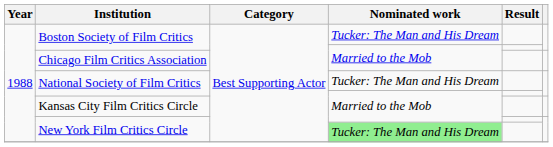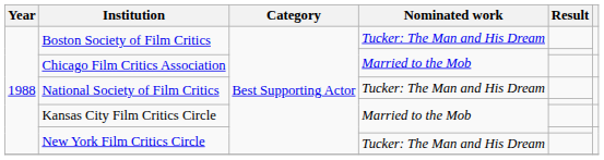 <table class="wikitable plainrowheaders unsortable">
 <tr>
 <th scope="col">Year</th>
 <th scope="col">Institution</th>
 <th scope="col">Category</th>
 <th scope="col">Nominated work</th>
 <th scope="col">Result</th>
 <th scope="col" class="unsortable"></th>
 </tr>
 <tr>
 <td rowspan="8" style="text-align:center;"><a href='#'>1988</a></td>
 <td scope="row" rowspan="2"><a href='#'>Boston Society of Film Critics</a></td>
 <td rowspan="8"><a href='#'>Best Supporting Actor</a></td>
 <td><em><a href='#'>Tucker: The Man and His Dream</a></em></td>
 <td></td>
 <td style="text-align:center;" rowspan="2"></td>
 </tr>
 <tr>
 <td rowspan="2"><em><a href='#'>Married to the Mob</a></em></td>
 <td></td>
 </tr>
 <tr>
 <td scope="row"><a href='#'>Chicago Film Critics Association</a></td>
 <td></td>
 <td style="text-align:center;"></td>
 </tr>
 <tr>
 <td scope="row" rowspan="2"><a href='#'>National Society of Film Critics</a></td>
 <td><em>Tucker: The Man and His Dream</em></td>
 <td></td>
 <td style="text-align:center;" rowspan="2"></td>
 </tr>
 <tr>
 <td rowspan="3"><em>Married to the Mob</em></td>
 <td></td>
 </tr>
 <tr>
 <td scope="row">Kansas City Film Critics Circle</td>
 <td></td>
 <td style="text-align:center;"></td>
 </tr>
 <tr>
 <td scope="row" rowspan="2"><a href='#'>New York Film Critics Circle</a></td>
 <td></td>
 <td style="text-align:center;" rowspan="2"></td>
 </tr>
 <tr>
-<td style="background: lightgreen;"><em>Tucker: The Man and His Dream</em></td>
+<td><em>Tucker: The Man and His Dream</em></td>
 <td></td>
 </tr>
 <tr>
 </tr>
 </table>
